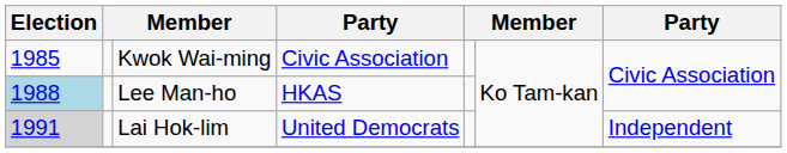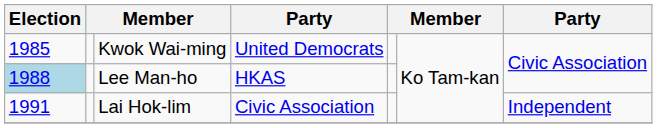 <table class="wikitable">
 <tr>
 <th>Election</th>
 <th colspan="2">Member</th>
 <th>Party</th>
 <th colspan="2">Member</th>
 <th>Party</th>
 </tr>
 <tr>
 <td><a href='#'>1985</a></td>
 <td style="background-color: "></td>
 <td>Kwok Wai-ming</td>
-<td><a href='#'>Civic Association</a></td>
+<td><a href='#'>United Democrats</a></td>
 <td style="background-color: "></td>
 <td rowspan=3>Ko Tam-kan</td>
 <td rowspan=2><a href='#'>Civic Association</a></td>
 </tr>
 <tr>
 <td style="background: lightblue;"><a href='#'>1988</a></td>
 <td style="background-color: "></td>
 <td>Lee Man-ho</td>
 <td><a href='#'>HKAS</a></td>
 <td style="background-color: "></td>
 </tr>
 <tr>
-<td style="background: lightgrey;"><a href='#'>1991</a></td>
+<td><a href='#'>1991</a></td>
 <td style="background-color: "></td>
 <td>Lai Hok-lim</td>
-<td><a href='#'>United Democrats</a></td>
+<td><a href='#'>Civic Association</a></td>
 <td style="background-color: "></td>
 <td><a href='#'>Independent</a></td>
 </tr>
 <tr>
 </tr>
 </table>
